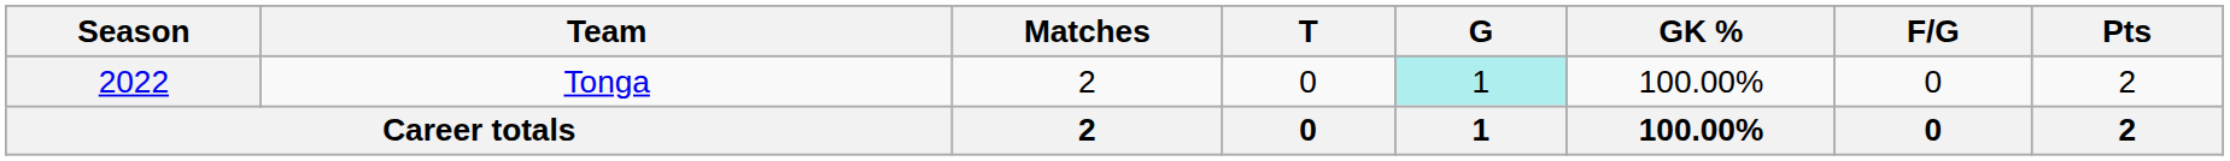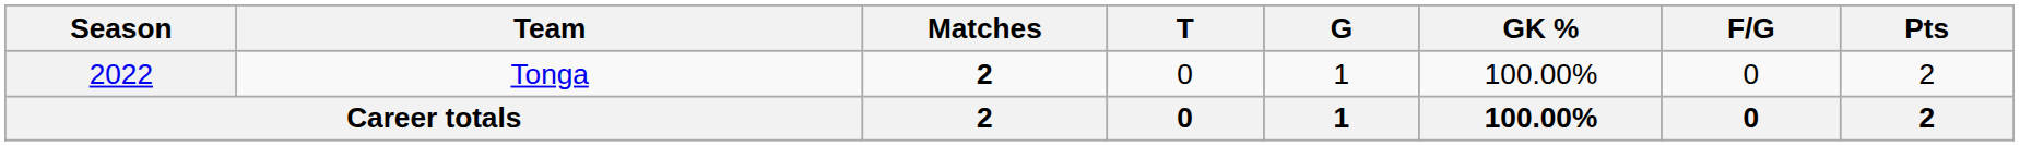 <table class="wikitable sortable"  style="font-size:90%; text-align:center; width:80%;">
 <tr>
 <th width=2%>Season</th>
 <th width=8%>Team</th>
 <th width=2%>Matches</th>
 <th width=2%>T</th>
 <th width=2%>G</th>
 <th width=2%>GK %</th>
 <th width=2%>F/G</th>
 <th width=2%>Pts</th>
 </tr>
 <tr>
 <th scope="row" style="text-align:center; font-weight:normal"><a href='#'>2022</a></th>
 <td style="text-align:center;"> <a href='#'>Tonga</a></td>
-<td>2</td>
+<td><strong>2</strong></td>
 <td>0</td>
-<td style="background: paleturquoise;">1</td>
+<td>1</td>
 <td>100.00%</td>
 <td>0</td>
 <td>2</td>
 </tr>
 <tr class="sortbottom">
 <th colspan="2">Career totals</th>
 <th>2</th>
 <th>0</th>
 <th>1</th>
 <th>100.00%</th>
 <th>0</th>
 <th>2</th>
 </tr>
 </table>
